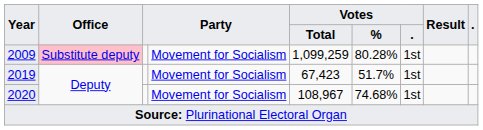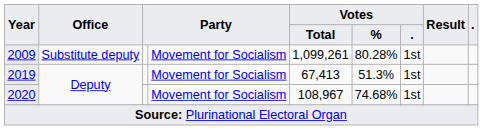 <table class="wikitable" style="font-size:90%; text-align:center;">
 <tr>
 <th style="background-color:#EAECF0;" rowspan=2>Year</th>
 <th style="background-color:#EAECF0;" rowspan=2>Office</th>
 <th style="background-color:#EAECF0;" colspan=2 rowspan=2>Party</th>
 <th style="background-color:#EAECF0;" colspan=3>Votes</th>
 <th style="background-color:#EAECF0;" rowspan=2>Result</th>
 <th style="background-color:#EAECF0;" rowspan=2>.</th>
 </tr>
 <tr>
 <th style="background-color:#EAECF0;">Total</th>
 <th style="background-color:#EAECF0;">%</th>
 <th style="background-color:#EAECF0;">.</th>
 </tr>
 <tr>
 <td style="background-color:#EAECF0;"><a href='#'>2009</a></td>
-<td style="background: pink;"><a href='#'>Substitute deputy</a></td>
+<td><a href='#'>Substitute deputy</a></td>
 <td style="background-color:"></td>
 <td><a href='#'>Movement for Socialism</a></td>
-<td>1,099,259</td>
+<td>1,099,261</td>
 <td>80.28%</td>
 <td>1st</td>
 <td></td>
 <td></td>
 </tr>
 <tr>
 <td style="background-color:#EAECF0;"><a href='#'>2019</a></td>
 <td rowspan=2><a href='#'>Deputy</a></td>
 <td style="background-color:"></td>
 <td><a href='#'>Movement for Socialism</a></td>
-<td>67,423</td>
-<td>51.7%</td>
+<td>67,413</td>
+<td>51.3%</td>
 <td>1st</td>
 <td></td>
 <td></td>
 </tr>
 <tr>
 <td style="background-color:#EAECF0;"><a href='#'>2020</a></td>
 <td style="background-color:"></td>
 <td><a href='#'>Movement for Socialism</a></td>
 <td>108,967</td>
 <td>74.68%</td>
 <td>1st</td>
 <td></td>
 <td></td>
 </tr>
 <tr>
 <td style="background-color:#EAECF0;" colspan=9><strong>Source:</strong> <a href='#'>Plurinational Electoral Organ</a>  </td>
 </tr>
 </table>
